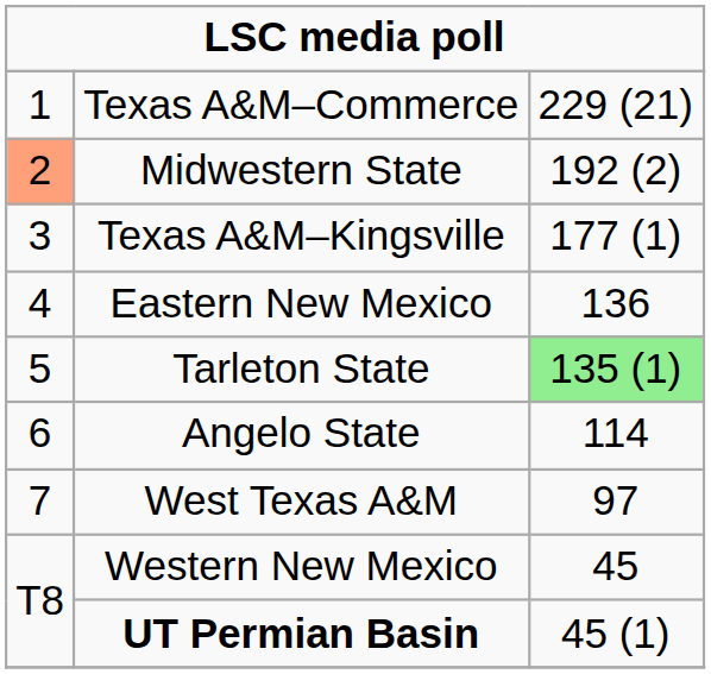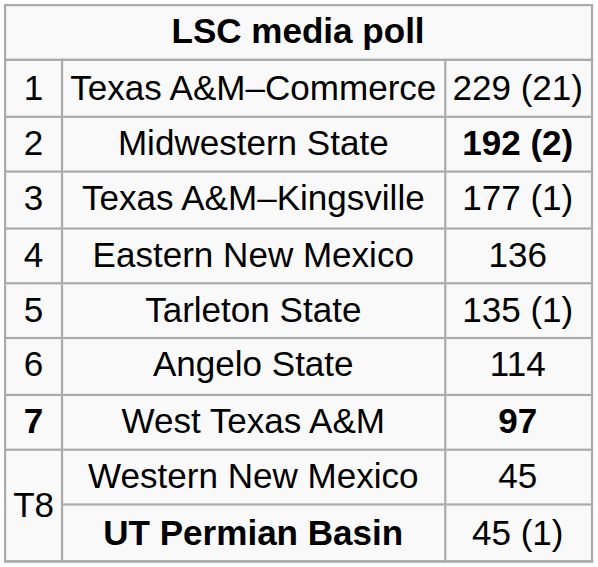 <table class="wikitable" style="display: inline-table;">
 <tr>
 <td align="center" Colspan="3"><strong>LSC media poll</strong></td>
 </tr>
 <tr align="center">
 </tr>
 <tr align="center">
 <td>1</td>
 <td>Texas A&M–Commerce</td>
 <td>229 (21)</td>
 </tr>
 <tr align="center">
-<td style="background: lightsalmon;">2</td>
+<td>2</td>
 <td>Midwestern State</td>
-<td>192 (2)</td>
+<td><strong>192 (2)</strong></td>
 </tr>
 <tr align="center">
 <td>3</td>
 <td>Texas A&M–Kingsville</td>
 <td>177 (1)</td>
 </tr>
 <tr align="center">
 <td>4</td>
 <td>Eastern New Mexico</td>
 <td>136</td>
 </tr>
 <tr align="center">
 <td>5</td>
 <td>Tarleton State</td>
-<td style="background: lightgreen;">135 (1)</td>
+<td>135 (1)</td>
 </tr>
 <tr align="center">
 <td>6</td>
 <td>Angelo State</td>
 <td>114</td>
 </tr>
 <tr align="center">
-<td>7</td>
+<td><strong>7</strong></td>
 <td>West Texas A&M</td>
-<td>97</td>
+<td><strong>97</strong></td>
 </tr>
 <tr align="center">
 <td rowspan=2>T8</td>
 <td>Western New Mexico</td>
 <td>45</td>
 </tr>
 <tr align="center">
 <td><strong>UT Permian Basin</strong></td>
 <td>45 (1)</td>
 </tr>
 <tr>
 </tr>
 </table>
